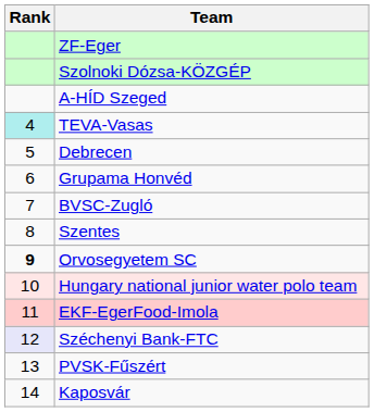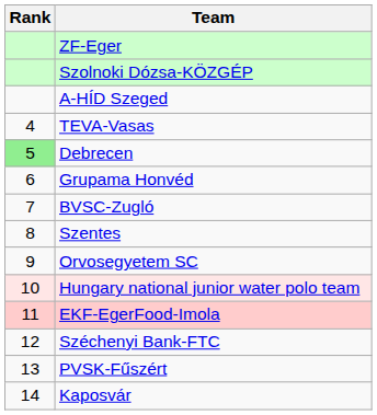 <table class="wikitable">
 <tr>
 <th width=40>Rank</th>
 <th width=290>Team</th>
 </tr>
 <tr bgcolor=#ccffcc>
 <td align="center"></td>
 <td align="left"> <a href='#'>ZF-Eger</a></td>
 </tr>
 <tr bgcolor=#ccffcc>
 <td align="center"></td>
 <td align="left"> <a href='#'>Szolnoki Dózsa-KÖZGÉP</a></td>
 </tr>
 <tr>
 <td align="center"></td>
 <td align="left"> <a href='#'>A-HÍD Szeged</a></td>
 </tr>
 <tr>
-<td align="center" style="background: paleturquoise;">4</td>
+<td align="center">4</td>
 <td align="left"> <a href='#'>TEVA-Vasas</a></td>
 </tr>
 <tr>
-<td align="center">5</td>
+<td align="center" style="background: lightgreen;">5</td>
 <td align="left"> <a href='#'>Debrecen</a></td>
 </tr>
 <tr>
 <td align="center">6</td>
 <td align="left"> <a href='#'>Grupama Honvéd</a></td>
 </tr>
 <tr>
 <td align="center">7</td>
 <td align="left"> <a href='#'>BVSC-Zugló</a></td>
 </tr>
 <tr>
 <td align="center">8</td>
 <td align="left"> <a href='#'>Szentes</a></td>
 </tr>
 <tr>
-<td align="center"><strong>9</strong></td>
+<td align="center">9</td>
 <td align="left"> <a href='#'>Orvosegyetem SC</a></td>
 </tr>
 <tr bgcolor=#ffe6e6>
 <td align="center">10</td>
 <td align="left"><a href='#'>Hungary national junior water polo team</a></td>
 </tr>
 <tr bgcolor=#ffcccc>
 <td align="center">11</td>
 <td align="left"> <a href='#'>EKF-EgerFood-Imola</a></td>
 </tr>
 <tr>
-<td align="center" style="background: lavender;">12</td>
+<td align="center">12</td>
 <td align="left"> <a href='#'>Széchenyi Bank-FTC</a></td>
 </tr>
 <tr>
 <td align="center">13</td>
 <td align="left"> <a href='#'>PVSK-Fűszért</a></td>
 </tr>
 <tr>
 <td align="center">14</td>
 <td align="left"> <a href='#'>Kaposvár</a></td>
 </tr>
 </table>
